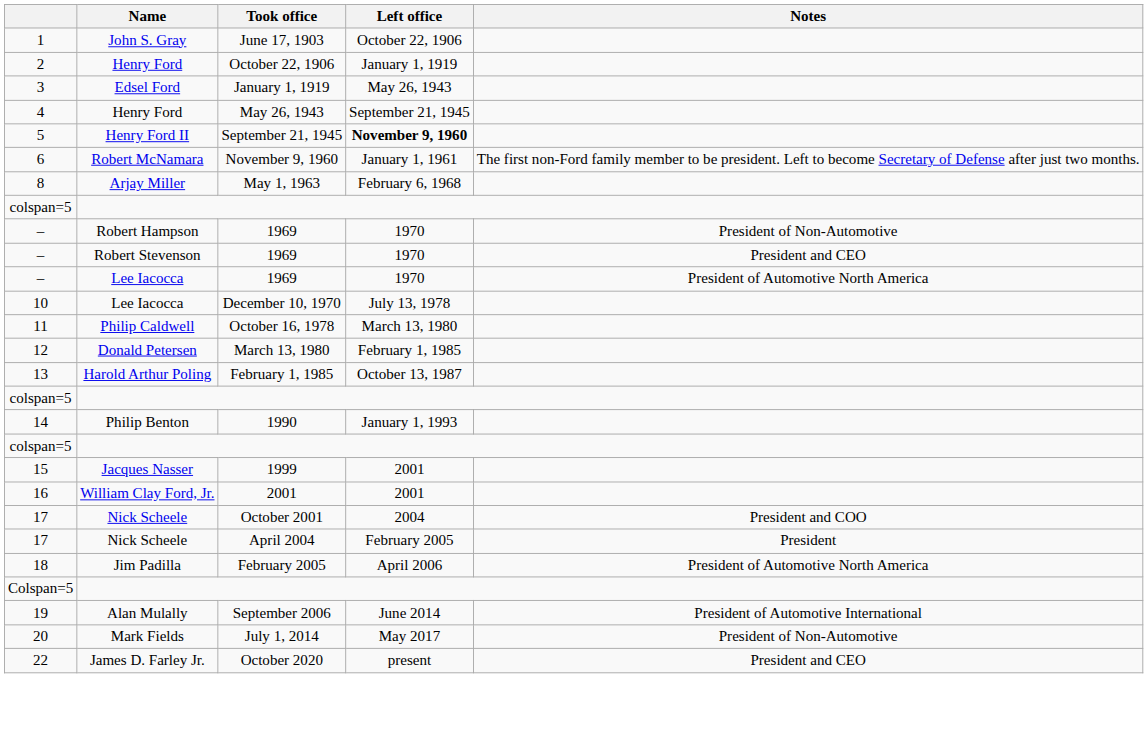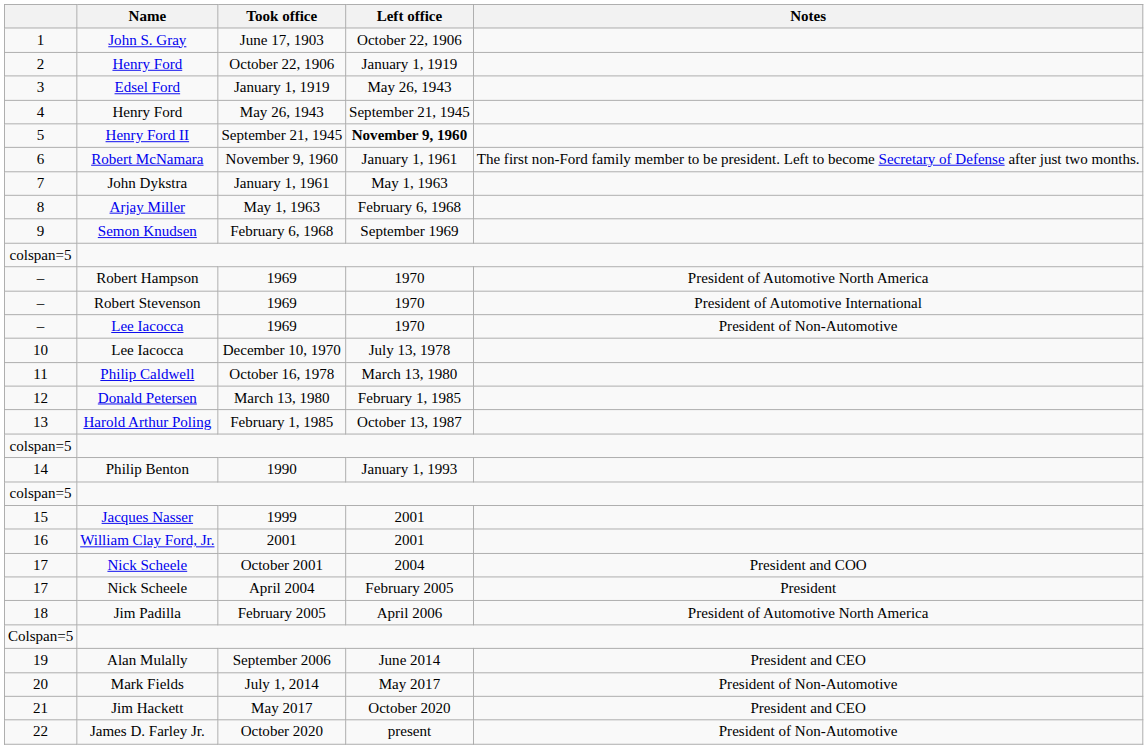 <table class="wikitable" style="text-align:center">
 <tr>
 <th></th>
 <th>Name</th>
 <th>Took office</th>
 <th>Left office</th>
 <th>Notes</th>
 </tr>
 <tr>
 <td>1</td>
 <td><a href='#'>John S. Gray</a></td>
 <td>June 17, 1903</td>
 <td>October 22, 1906</td>
 <td></td>
 </tr>
 <tr>
 <td>2</td>
 <td><a href='#'>Henry Ford</a></td>
 <td>October 22, 1906</td>
 <td>January 1, 1919</td>
 <td></td>
 </tr>
 <tr>
 <td>3</td>
 <td><a href='#'>Edsel Ford</a></td>
 <td>January 1, 1919</td>
 <td>May 26, 1943</td>
 <td></td>
 </tr>
 <tr>
 <td>4</td>
 <td>Henry Ford</td>
 <td>May 26, 1943</td>
 <td>September 21, 1945</td>
 <td></td>
 </tr>
 <tr>
 <td>5</td>
 <td><a href='#'>Henry Ford II</a></td>
 <td>September 21, 1945</td>
 <td><strong>November 9, 1960</strong></td>
 <td></td>
 </tr>
 <tr>
 <td>6</td>
 <td><a href='#'>Robert McNamara</a></td>
 <td>November 9, 1960</td>
 <td>January 1, 1961</td>
 <td>The first non-Ford family member to be president. Left to become <a href='#'>Secretary of Defense</a> after just two months.</td>
 </tr>
 <tr>
+<td>7</td>
+<td>John Dykstra</td>
+<td>January 1, 1961</td>
+<td>May 1, 1963</td>
+<td></td>
+</tr>
+<tr>
 <td>8</td>
 <td><a href='#'>Arjay Miller</a></td>
 <td>May 1, 1963</td>
 <td>February 6, 1968</td>
+<td></td>
+</tr>
+<tr>
+<td>9</td>
+<td><a href='#'>Semon Knudsen</a></td>
+<td>February 6, 1968</td>
+<td>September 1969</td>
 <td></td>
 </tr>
 <tr>
 <td>colspan=5 </td>
 </tr>
 <tr>
 <td>–</td>
 <td>Robert Hampson</td>
 <td>1969</td>
 <td>1970</td>
-<td>President of Non-Automotive</td>
+<td>President of Automotive North America</td>
 </tr>
 <tr>
 <td>–</td>
 <td>Robert Stevenson</td>
 <td>1969</td>
 <td>1970</td>
-<td>President and CEO</td>
+<td>President of Automotive International</td>
 </tr>
 <tr>
 <td>–</td>
 <td><a href='#'>Lee Iacocca</a></td>
 <td>1969</td>
 <td>1970</td>
-<td>President of Automotive North America</td>
+<td>President of Non-Automotive</td>
 </tr>
 <tr>
 <td>10</td>
 <td>Lee Iacocca</td>
 <td>December 10, 1970</td>
 <td>July 13, 1978</td>
 <td></td>
 </tr>
 <tr>
 <td>11</td>
 <td><a href='#'>Philip Caldwell</a></td>
 <td>October 16, 1978</td>
 <td>March 13, 1980</td>
 <td></td>
 </tr>
 <tr>
 <td>12</td>
 <td><a href='#'>Donald Petersen</a></td>
 <td>March 13, 1980</td>
 <td>February 1, 1985</td>
 <td></td>
 </tr>
 <tr>
 <td>13</td>
 <td><a href='#'>Harold Arthur Poling</a></td>
 <td>February 1, 1985</td>
 <td>October 13, 1987</td>
 <td></td>
 </tr>
 <tr>
 <td>colspan=5 </td>
 </tr>
 <tr>
 <td>14</td>
 <td>Philip Benton</td>
 <td>1990</td>
 <td>January 1, 1993</td>
 <td></td>
 </tr>
 <tr>
 <td>colspan=5 </td>
 </tr>
 <tr>
 <td>15</td>
 <td><a href='#'>Jacques Nasser</a></td>
 <td>1999</td>
 <td>2001</td>
 <td></td>
 </tr>
 <tr>
 <td>16</td>
 <td><a href='#'>William Clay Ford, Jr.</a></td>
 <td>2001</td>
 <td>2001</td>
 <td></td>
 </tr>
 <tr>
 <td>17</td>
 <td><a href='#'>Nick Scheele</a></td>
 <td>October 2001</td>
 <td>2004</td>
 <td>President and COO</td>
 </tr>
 <tr>
 <td>17</td>
 <td>Nick Scheele</td>
 <td>April 2004</td>
 <td>February 2005</td>
 <td>President</td>
 </tr>
 <tr>
 <td>18</td>
 <td>Jim Padilla</td>
 <td>February 2005</td>
 <td>April 2006</td>
 <td>President of Automotive North America</td>
 </tr>
 <tr>
 <td>Colspan=5 </td>
 </tr>
 <tr>
 <td>19</td>
 <td>Alan Mulally</td>
 <td>September 2006</td>
 <td>June 2014</td>
-<td>President of Automotive International</td>
+<td>President and CEO</td>
 </tr>
 <tr>
 <td>20</td>
 <td>Mark Fields</td>
 <td>July 1, 2014</td>
 <td>May 2017</td>
 <td>President of Non-Automotive</td>
 </tr>
 <tr>
+<td>21</td>
+<td>Jim Hackett</td>
+<td>May 2017</td>
+<td>October 2020</td>
+<td>President and CEO</td>
+</tr>
+<tr>
 <td>22</td>
 <td>James D. Farley Jr.</td>
 <td>October 2020</td>
 <td>present</td>
-<td>President and CEO</td>
+<td>President of Non-Automotive</td>
 </tr>
 </table>
